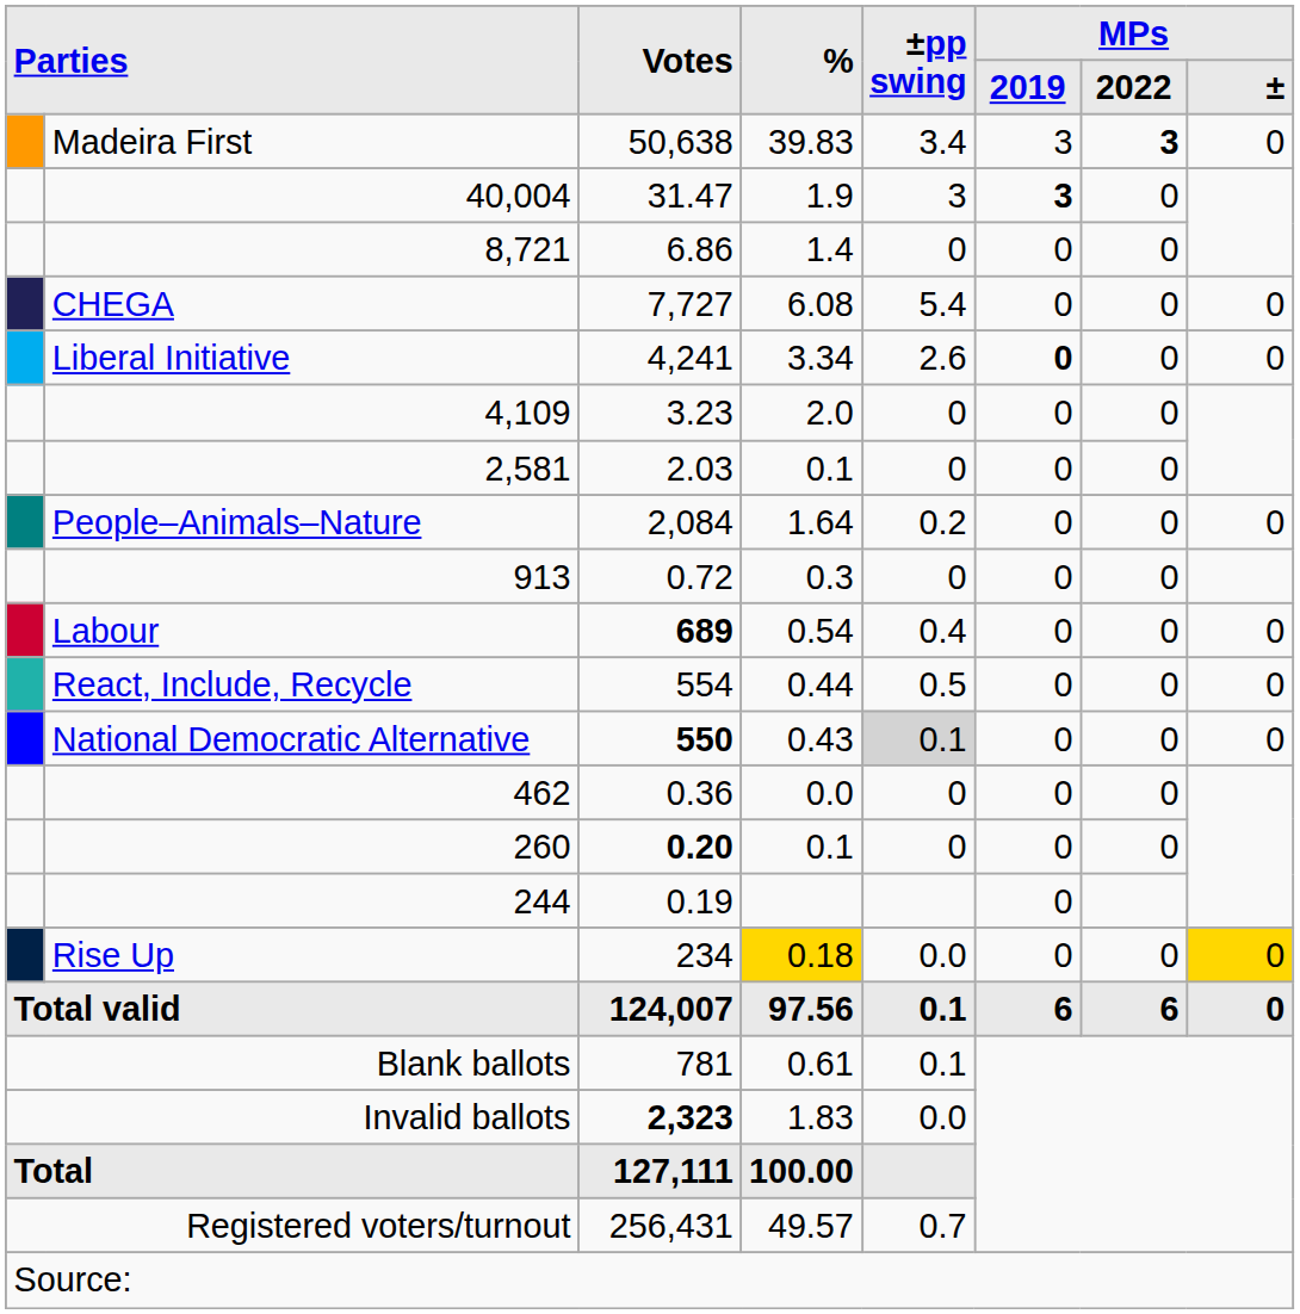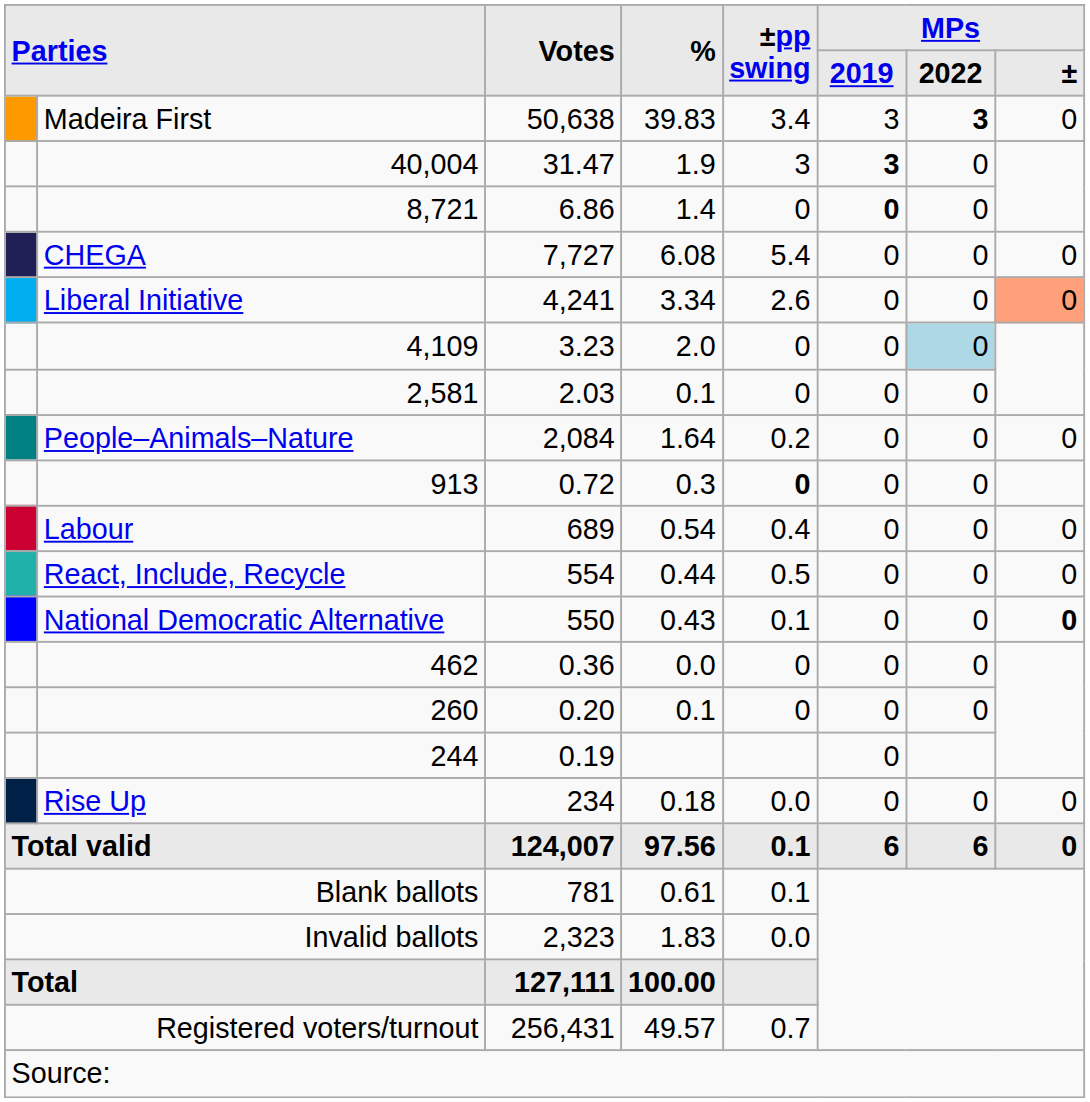 <table class="wikitable" style="text-align:right; font-size:95%;">
 <tr>
 <th rowspan="2" colspan="2" style="background:#e9e9e9; text-align:left;" alignleft><a href='#'>Parties</a></th>
 <th rowspan="2" style="background:#e9e9e9; text-align:right;">Votes</th>
 <th rowspan="2" style="background:#e9e9e9; text-align:right;">%</th>
 <th rowspan="2" style="background:#e9e9e9; text-align:right;">±<a href='#'>pp</a> <a href='#'>swing</a></th>
 <th colspan="3" style="background:#e9e9e9; text-align:center;"><a href='#'>MPs</a></th>
 </tr>
 <tr style="background-color:#E9E9E9">
 <th style="background-color:#E9E9E9;text-align:center;"><a href='#'>2019</a></th>
 <th style="background-color:#E9E9E9;text-align:center;">2022</th>
 <th style="background:#e9e9e9; text-align:right;">±</th>
 </tr>
 <tr>
 <td style="width: 9px" bgcolor="#FF9900" align="center"></td>
 <td align="left">Madeira First </td>
 <td>50,638</td>
 <td>39.83</td>
 <td>3.4</td>
 <td>3</td>
 <td><strong>3</strong></td>
 <td>0</td>
 </tr>
 <tr>
 <td></td>
 <td>40,004</td>
 <td>31.47</td>
 <td>1.9</td>
 <td>3</td>
 <td><strong>3</strong></td>
 <td>0</td>
 </tr>
 <tr>
 <td></td>
 <td>8,721</td>
 <td>6.86</td>
 <td>1.4</td>
 <td>0</td>
-<td>0</td>
+<td><strong>0</strong></td>
 <td>0</td>
 </tr>
 <tr>
 <td style="width: 10px" bgcolor="#202056" align="center"></td>
 <td align="left"><a href='#'>CHEGA</a></td>
 <td>7,727</td>
 <td>6.08</td>
 <td>5.4</td>
 <td>0</td>
 <td>0</td>
 <td>0</td>
 </tr>
 <tr>
 <td style="width: 10px" bgcolor="#00ADEF" align="center"></td>
 <td align="left"><a href='#'>Liberal Initiative</a></td>
 <td>4,241</td>
 <td>3.34</td>
 <td>2.6</td>
-<td><strong>0</strong></td>
 <td>0</td>
 <td>0</td>
+<td style="background: lightsalmon;">0</td>
 </tr>
 <tr>
 <td></td>
 <td>4,109</td>
 <td>3.23</td>
 <td>2.0</td>
 <td>0</td>
 <td>0</td>
-<td>0</td>
+<td style="background: lightblue;">0</td>
 </tr>
 <tr>
 <td></td>
 <td>2,581</td>
 <td>2.03</td>
 <td>0.1</td>
 <td>0</td>
 <td>0</td>
 <td>0</td>
 </tr>
 <tr>
 <td style="width: 10px" bgcolor="teal" align="center"></td>
 <td align="left"><a href='#'>People–Animals–Nature</a></td>
 <td>2,084</td>
 <td>1.64</td>
 <td>0.2</td>
 <td>0</td>
 <td>0</td>
 <td>0</td>
 </tr>
 <tr>
 <td></td>
 <td>913</td>
 <td>0.72</td>
 <td>0.3</td>
-<td>0</td>
+<td><strong>0</strong></td>
 <td>0</td>
 <td>0</td>
 </tr>
 <tr>
 <td style="width: 10px" bgcolor="#CC0033" align="center"></td>
 <td align="left"><a href='#'>Labour</a></td>
-<td><strong>689</strong></td>
+<td>689</td>
 <td>0.54</td>
 <td>0.4</td>
 <td>0</td>
 <td>0</td>
 <td>0</td>
 </tr>
 <tr>
 <td style="width: 10px" bgcolor="LightSeaGreen" align="center"></td>
 <td align="left"><a href='#'>React, Include, Recycle</a></td>
 <td>554</td>
 <td>0.44</td>
 <td>0.5</td>
 <td>0</td>
 <td>0</td>
 <td>0</td>
 </tr>
 <tr>
 <td style="width: 10px" bgcolor="blue" align="center"></td>
 <td align="left"><a href='#'>National Democratic Alternative</a></td>
-<td><strong>550</strong></td>
+<td>550</td>
 <td>0.43</td>
-<td style="background: lightgrey;">0.1</td>
+<td>0.1</td>
 <td>0</td>
 <td>0</td>
-<td>0</td>
+<td><strong>0</strong></td>
 </tr>
 <tr>
 <td></td>
 <td>462</td>
 <td>0.36</td>
 <td>0.0</td>
 <td>0</td>
 <td>0</td>
 <td>0</td>
 </tr>
 <tr>
 <td></td>
 <td>260</td>
-<td><strong>0.20</strong></td>
+<td>0.20</td>
 <td>0.1</td>
 <td>0</td>
 <td>0</td>
 <td>0</td>
 </tr>
 <tr>
 <td></td>
 <td>244</td>
 <td>0.19</td>
 <td></td>
 <td></td>
 <td>0</td>
 <td></td>
 </tr>
 <tr>
 <td style="width: 10px" bgcolor="#002147" align="center"></td>
 <td align="left"><a href='#'>Rise Up</a></td>
 <td>234</td>
-<td style="background: gold;">0.18</td>
+<td>0.18</td>
 <td>0.0</td>
 <td>0</td>
 <td>0</td>
-<td style="background: gold;">0</td>
+<td>0</td>
 </tr>
 <tr>
 <td colspan=2 align=left style="background-color:#E9E9E9"><strong>Total valid</strong></td>
 <td width="65" align="right" style="background-color:#E9E9E9"><strong>124,007</strong></td>
 <td width="40" align="right" style="background-color:#E9E9E9"><strong>97.56</strong></td>
 <td width="40" align="right" style="background-color:#E9E9E9"><strong>0.1</strong></td>
 <td width="40" align="right" style="background-color:#E9E9E9"><strong>6</strong></td>
 <td width="40" align="right" style="background-color:#E9E9E9"><strong>6</strong></td>
 <td width="40" align="right" style="background-color:#E9E9E9"><strong>0</strong></td>
 </tr>
 <tr>
 <td colspan=2>Blank ballots</td>
 <td>781</td>
 <td>0.61</td>
 <td>0.1</td>
 <td colspan=4 rowspan=4></td>
 </tr>
 <tr>
 <td colspan=2>Invalid ballots</td>
-<td><strong>2,323</strong></td>
+<td>2,323</td>
 <td>1.83</td>
 <td>0.0</td>
 </tr>
 <tr>
 <td colspan=2 width="247" align=left style="background-color:#E9E9E9"><strong>Total</strong></td>
 <td width="50" align="right" style="background-color:#E9E9E9"><strong>127,111</strong></td>
 <td width="40" align="right" style="background-color:#E9E9E9"><strong>100.00</strong></td>
 <td width="40" align="right" style="background-color:#E9E9E9"></td>
 </tr>
 <tr>
 <td colspan=2>Registered voters/turnout</td>
 <td>256,431</td>
 <td>49.57</td>
 <td>0.7</td>
 </tr>
 <tr>
 <td colspan=11 align=left>Source: </td>
 </tr>
 </table>
